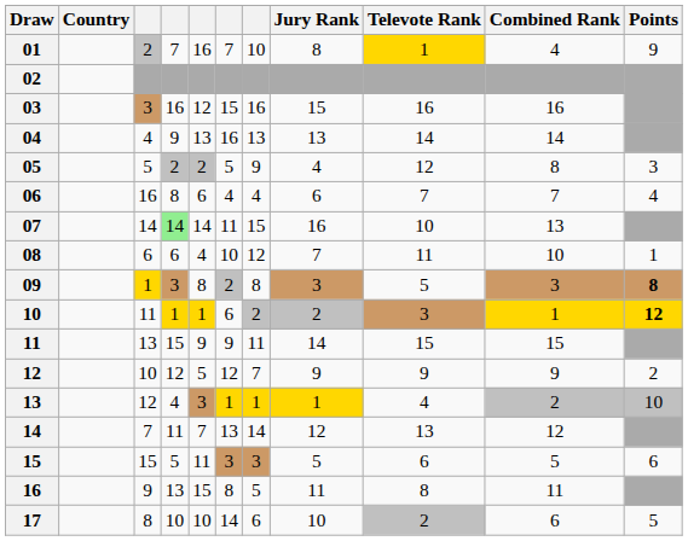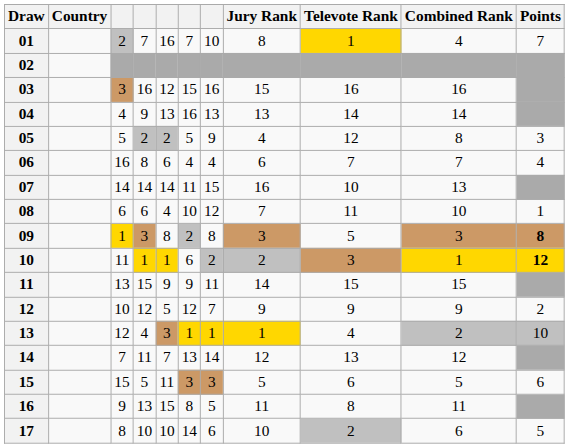 <table class="sortable wikitable collapsible plainrowheaders" style="text-align:center;">
 <tr>
 </tr>
 <tr>
 <th scope="col">Draw</th>
 <th scope="col">Country</th>
 <th scope="col"><small></small></th>
 <th scope="col"><small></small></th>
 <th scope="col"><small></small></th>
 <th scope="col"><small></small></th>
 <th scope="col"><small></small></th>
 <th scope="col">Jury Rank</th>
 <th scope="col">Televote Rank</th>
 <th scope="col">Combined Rank</th>
 <th scope="col">Points</th>
 </tr>
 <tr>
 <th scope="row" style="text-align:center;">01</th>
 <td style="text-align:left;"></td>
 <td style="background:silver;">2</td>
 <td>7</td>
 <td>16</td>
 <td>7</td>
 <td>10</td>
 <td>8</td>
 <td style="background:gold;">1</td>
 <td>4</td>
-<td>9</td>
+<td>7</td>
 </tr>
 <tr class="sortbottom">
 <th scope="row" style="text-align:center;">02</th>
 <td style="text-align:left;"></td>
 <td style="background:#AAAAAA;"></td>
 <td style="background:#AAAAAA;"></td>
 <td style="background:#AAAAAA;"></td>
 <td style="background:#AAAAAA;"></td>
 <td style="background:#AAAAAA;"></td>
 <td style="background:#AAAAAA;"></td>
 <td style="background:#AAAAAA;"></td>
 <td style="background:#AAAAAA;"></td>
 <td style="background:#AAAAAA;"></td>
 </tr>
 <tr>
 <th scope="row" style="text-align:center;">03</th>
 <td style="text-align:left;"></td>
 <td style="background:#CC9966;">3</td>
 <td>16</td>
 <td>12</td>
 <td>15</td>
 <td>16</td>
 <td>15</td>
 <td>16</td>
 <td>16</td>
 <td style="background:#AAAAAA;"></td>
 </tr>
 <tr>
 <th scope="row" style="text-align:center;">04</th>
 <td style="text-align:left;"></td>
 <td>4</td>
 <td>9</td>
 <td>13</td>
 <td>16</td>
 <td>13</td>
 <td>13</td>
 <td>14</td>
 <td>14</td>
 <td style="background:#AAAAAA;"></td>
 </tr>
 <tr>
 <th scope="row" style="text-align:center;">05</th>
 <td style="text-align:left;"></td>
 <td>5</td>
 <td style="background:silver;">2</td>
 <td style="background:silver;">2</td>
 <td>5</td>
 <td>9</td>
 <td>4</td>
 <td>12</td>
 <td>8</td>
 <td>3</td>
 </tr>
 <tr>
 <th scope="row" style="text-align:center;">06</th>
 <td style="text-align:left;"></td>
 <td>16</td>
 <td>8</td>
 <td>6</td>
 <td>4</td>
 <td>4</td>
 <td>6</td>
 <td>7</td>
 <td>7</td>
 <td>4</td>
 </tr>
 <tr>
 <th scope="row" style="text-align:center;">07</th>
 <td style="text-align:left;"></td>
 <td>14</td>
-<td style="background: lightgreen;">14</td>
+<td>14</td>
 <td>14</td>
 <td>11</td>
 <td>15</td>
 <td>16</td>
 <td>10</td>
 <td>13</td>
 <td style="background:#AAAAAA;"></td>
 </tr>
 <tr>
 <th scope="row" style="text-align:center;">08</th>
 <td style="text-align:left;"></td>
 <td>6</td>
 <td>6</td>
 <td>4</td>
 <td>10</td>
 <td>12</td>
 <td>7</td>
 <td>11</td>
 <td>10</td>
 <td>1</td>
 </tr>
 <tr>
 <th scope="row" style="text-align:center;">09</th>
 <td style="text-align:left;"></td>
 <td style="background:gold;">1</td>
 <td style="background:#CC9966;">3</td>
 <td>8</td>
 <td style="background:silver;">2</td>
 <td>8</td>
 <td style="background:#CC9966;">3</td>
 <td>5</td>
 <td style="background:#CC9966;">3</td>
 <td style="background:#CC9966;"><strong>8</strong></td>
 </tr>
 <tr>
 <th scope="row" style="text-align:center;">10</th>
 <td style="text-align:left;"></td>
 <td>11</td>
 <td style="background:gold;">1</td>
 <td style="background:gold;">1</td>
 <td>6</td>
 <td style="background:silver;">2</td>
 <td style="background:silver;">2</td>
 <td style="background:#CC9966;">3</td>
 <td style="background:gold;">1</td>
 <td style="background:gold;"><strong>12</strong></td>
 </tr>
 <tr>
 <th scope="row" style="text-align:center;">11</th>
 <td style="text-align:left;"></td>
 <td>13</td>
 <td>15</td>
 <td>9</td>
 <td>9</td>
 <td>11</td>
 <td>14</td>
 <td>15</td>
 <td>15</td>
 <td style="background:#AAAAAA;"></td>
 </tr>
 <tr>
 <th scope="row" style="text-align:center;">12</th>
 <td style="text-align:left;"></td>
 <td>10</td>
 <td>12</td>
 <td>5</td>
 <td>12</td>
 <td>7</td>
 <td>9</td>
 <td>9</td>
 <td>9</td>
 <td>2</td>
 </tr>
 <tr>
 <th scope="row" style="text-align:center;">13</th>
 <td style="text-align:left;"></td>
 <td>12</td>
 <td>4</td>
 <td style="background:#CC9966;">3</td>
 <td style="background:gold;">1</td>
 <td style="background:gold;">1</td>
 <td style="background:gold;">1</td>
 <td>4</td>
 <td style="background:silver;">2</td>
 <td style="background:silver;">10</td>
 </tr>
 <tr>
 <th scope="row" style="text-align:center;">14</th>
 <td style="text-align:left;"></td>
 <td>7</td>
 <td>11</td>
 <td>7</td>
 <td>13</td>
 <td>14</td>
 <td>12</td>
 <td>13</td>
 <td>12</td>
 <td style="background:#AAAAAA;"></td>
 </tr>
 <tr>
 <th scope="row" style="text-align:center;">15</th>
 <td style="text-align:left;"></td>
 <td>15</td>
 <td>5</td>
 <td>11</td>
 <td style="background:#CC9966;">3</td>
 <td style="background:#CC9966;">3</td>
 <td>5</td>
 <td>6</td>
 <td>5</td>
 <td>6</td>
 </tr>
 <tr>
 <th scope="row" style="text-align:center;">16</th>
 <td style="text-align:left;"></td>
 <td>9</td>
 <td>13</td>
 <td>15</td>
 <td>8</td>
 <td>5</td>
 <td>11</td>
 <td>8</td>
 <td>11</td>
 <td style="background:#AAAAAA;"></td>
 </tr>
 <tr>
 <th scope="row" style="text-align:center;">17</th>
 <td style="text-align:left;"></td>
 <td>8</td>
 <td>10</td>
 <td>10</td>
 <td>14</td>
 <td>6</td>
 <td>10</td>
 <td style="background:silver;">2</td>
 <td>6</td>
 <td>5</td>
 </tr>
 </table>
